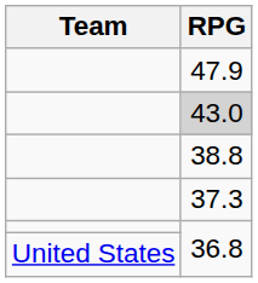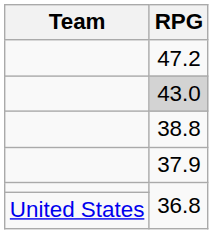 <table class=wikitable>
 <tr>
 <th>Team</th>
 <th>RPG</th>
 </tr>
 <tr>
 <td></td>
-<td align=center>47.9</td>
+<td align=center>47.2</td>
 </tr>
 <tr>
 <td></td>
 <td align=center style="background: lightgrey;">43.0</td>
 </tr>
 <tr>
 <td></td>
 <td align=center>38.8</td>
 </tr>
 <tr>
 <td></td>
-<td align=center>37.3</td>
+<td align=center>37.9</td>
 </tr>
 <tr>
 <td></td>
 <td align=center rowspan=2>36.8</td>
 </tr>
 <tr>
 <td> <a href='#'>United States</a></td>
 </tr>
 </table>
